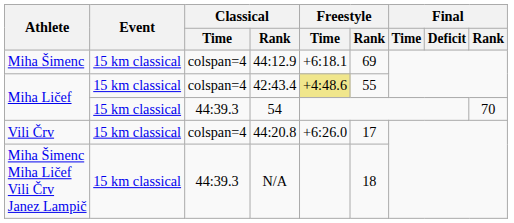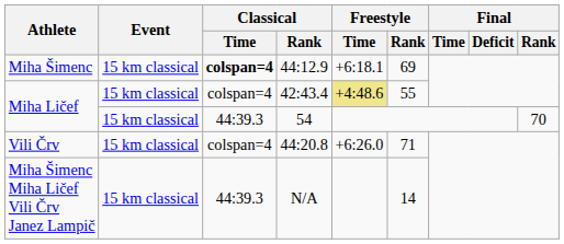 <table class="wikitable" style="font-size:90%">
 <tr>
 <th rowspan=2>Athlete</th>
 <th rowspan=2>Event</th>
 <th colspan=2>Classical</th>
 <th colspan=2>Freestyle</th>
 <th colspan=3>Final</th>
 </tr>
 <tr style="font-size: 95%">
 <th>Time</th>
 <th>Rank</th>
 <th>Time</th>
 <th>Rank</th>
 <th>Time</th>
 <th>Deficit</th>
 <th>Rank</th>
 </tr>
 <tr align=center>
 <td align=left><a href='#'>Miha Šimenc</a></td>
 <td align=left><a href='#'>15 km classical</a></td>
-<td>colspan=4 </td>
+<td><strong>colspan=4 </strong></td>
 <td>44:12.9</td>
 <td>+6:18.1</td>
 <td>69</td>
 </tr>
 <tr align=center>
 <td align=left rowspan=2><a href='#'>Miha Ličef</a></td>
 <td align=left><a href='#'>15 km classical</a></td>
 <td>colspan=4 </td>
 <td>42:43.4</td>
 <td style="background: khaki;">+4:48.6</td>
 <td>55</td>
 </tr>
 <tr align=center>
 <td align=left><a href='#'>15 km classical</a></td>
 <td>44:39.3</td>
 <td>54</td>
 <td colspan=4></td>
 <td>70</td>
 </tr>
 <tr align=center>
 <td align=left><a href='#'>Vili Črv</a></td>
 <td align=left><a href='#'>15 km classical</a></td>
 <td>colspan=4 </td>
 <td>44:20.8</td>
 <td>+6:26.0</td>
-<td>17</td>
+<td>71</td>
 </tr>
 <tr align=center>
 <td align=left rowspan=1><a href='#'>Miha Šimenc</a><br><a href='#'>Miha Ličef</a><br><a href='#'>Vili Črv</a><br><a href='#'>Janez Lampič</a></td>
 <td align=left><a href='#'>15 km classical</a></td>
 <td>44:39.3</td>
 <td>N/A</td>
 <td></td>
-<td>18</td>
+<td>14</td>
 </tr>
 </table>
